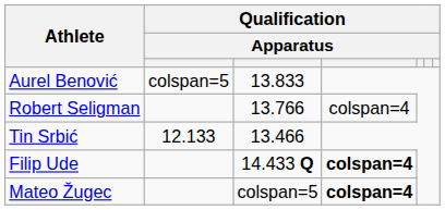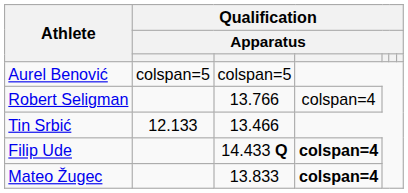 <table class="wikitable" style="font-size:90%">
 <tr>
 <th rowspan=3>Athlete</th>
 <th colspan =8>Qualification</th>
 </tr>
 <tr style="font-size:95%">
 <th colspan=8>Apparatus</th>
 </tr>
 <tr style="font-size:95%">
 <th></th>
 <th></th>
 <th></th>
 <th></th>
 <th></th>
 <th></th>
 </tr>
 <tr align=center>
 <td align=left><a href='#'>Aurel Benović</a></td>
 <td>colspan=5</td>
-<td>13.833</td>
+<td>colspan=5</td>
 </tr>
 <tr align=center>
 <td align=left><a href='#'>Robert Seligman</a></td>
 <td></td>
 <td>13.766</td>
 <td>colspan=4</td>
 </tr>
 <tr align=center>
 <td align=left><a href='#'>Tin Srbić</a></td>
 <td>12.133</td>
 <td>13.466</td>
 </tr>
 <tr align=center>
 <td align=left><a href='#'>Filip Ude</a></td>
 <td></td>
 <td>14.433 <strong>Q</strong></td>
 <td><strong>colspan=4</strong></td>
 </tr>
 <tr align=center>
 <td align=left><a href='#'>Mateo Žugec</a></td>
 <td></td>
-<td>colspan=5</td>
+<td>13.833</td>
 <td><strong>colspan=4</strong></td>
 </tr>
 </table>
